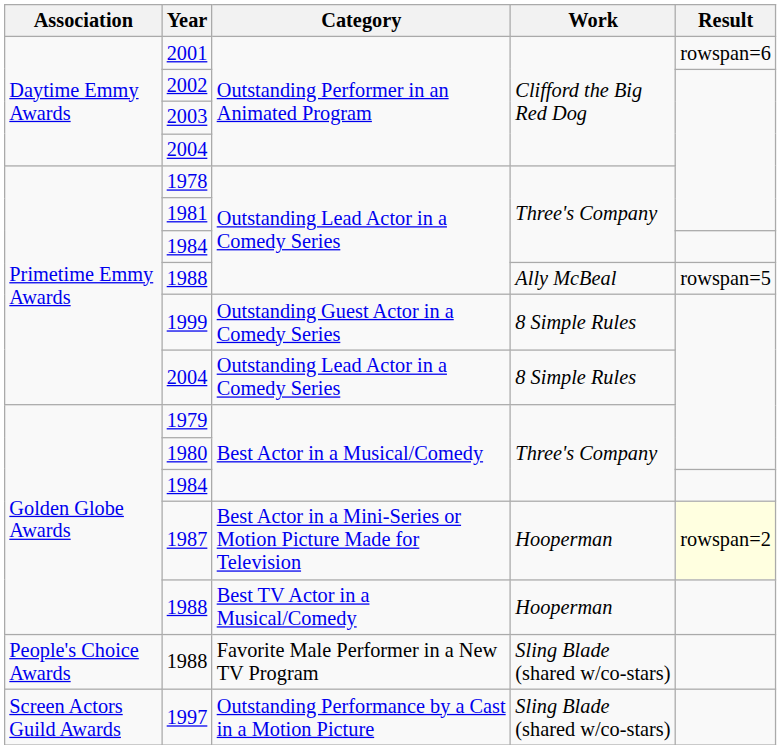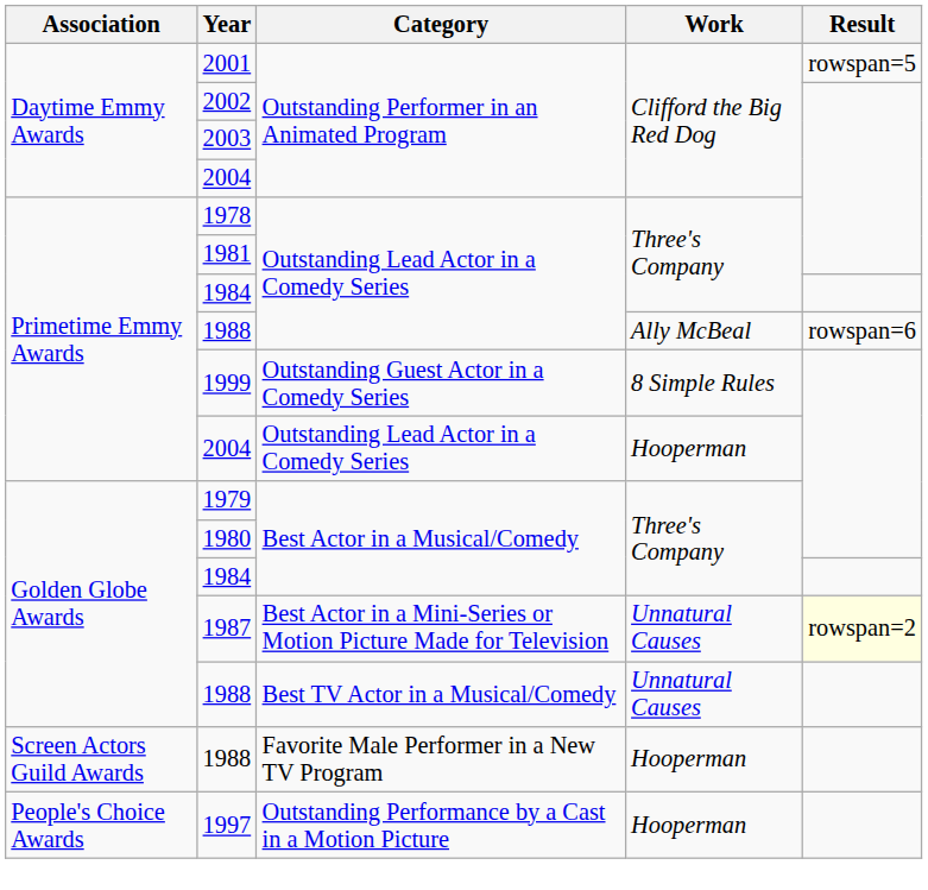 <table class="wikitable sortable">
 <tr>
 <th>Association</th>
 <th>Year</th>
 <th>Category</th>
 <th>Work</th>
 <th>Result</th>
 </tr>
 <tr>
 <td rowspan=4><a href='#'>Daytime Emmy Awards</a></td>
 <td align="center"><a href='#'>2001</a></td>
 <td rowspan=4><a href='#'>Outstanding Performer in an Animated Program</a></td>
 <td rowspan=4><em>Clifford the Big Red Dog</em></td>
-<td>rowspan=6 </td>
+<td>rowspan=5 </td>
 </tr>
 <tr>
 <td align="center"><a href='#'>2002</a></td>
 </tr>
 <tr>
 <td align="center"><a href='#'>2003</a></td>
 </tr>
 <tr>
 <td align="center"><a href='#'>2004</a></td>
 </tr>
 <tr>
 <td rowspan=6><a href='#'>Primetime Emmy Awards</a></td>
 <td align="center"><a href='#'>1978</a></td>
 <td rowspan=4><a href='#'>Outstanding Lead Actor in a Comedy Series</a></td>
 <td rowspan=3><em>Three's Company</em></td>
 </tr>
 <tr>
 <td align="center"><a href='#'>1981</a></td>
 </tr>
 <tr>
 <td align="center"><a href='#'>1984</a></td>
 <td></td>
 </tr>
 <tr>
 <td align="center"><a href='#'>1988</a></td>
 <td><em>Ally McBeal</em></td>
-<td>rowspan=5 </td>
+<td>rowspan=6 </td>
 </tr>
 <tr>
 <td align="center"><a href='#'>1999</a></td>
 <td><a href='#'>Outstanding Guest Actor in a Comedy Series</a></td>
 <td><em>8 Simple Rules</em></td>
 </tr>
 <tr>
 <td align="center"><a href='#'>2004</a></td>
 <td><a href='#'>Outstanding Lead Actor in a Comedy Series</a></td>
-<td><em>8 Simple Rules</em></td>
+<td><em>Hooperman</em></td>
 </tr>
 <tr>
 <td rowspan=5><a href='#'>Golden Globe Awards</a></td>
 <td align="center"><a href='#'>1979</a></td>
 <td rowspan=3><a href='#'>Best Actor in a Musical/Comedy</a></td>
 <td rowspan=3><em>Three's Company</em></td>
 </tr>
 <tr>
 <td align="center"><a href='#'>1980</a></td>
 </tr>
 <tr>
 <td align="center"><a href='#'>1984</a></td>
 <td></td>
 </tr>
 <tr>
 <td align="center"><a href='#'>1987</a></td>
 <td><a href='#'>Best Actor in a Mini-Series or Motion Picture Made for Television</a></td>
-<td><em>Hooperman</em></td>
+<td><em><a href='#'>Unnatural Causes</a></em></td>
 <td style="background: lightyellow;">rowspan=2 </td>
 </tr>
 <tr>
 <td align="center"><a href='#'>1988</a></td>
 <td><a href='#'>Best TV Actor in a Musical/Comedy</a></td>
+<td><em><a href='#'>Unnatural Causes</a></em></td>
+</tr>
+<tr>
+<td><a href='#'>Screen Actors Guild Awards</a></td>
+<td align="center">1988</td>
+<td>Favorite Male Performer in a New TV Program</td>
 <td><em>Hooperman</em></td>
+<td></td>
 </tr>
 <tr>
 <td><a href='#'>People's Choice Awards</a></td>
-<td align="center">1988</td>
-<td>Favorite Male Performer in a New TV Program</td>
-<td><em>Sling Blade</em> (shared w/co-stars)</td>
-<td></td>
-</tr>
-<tr>
-<td><a href='#'>Screen Actors Guild Awards</a></td>
 <td align="center"><a href='#'>1997</a></td>
 <td><a href='#'>Outstanding Performance by a Cast in a Motion Picture</a></td>
-<td><em>Sling Blade</em> (shared w/co-stars)</td>
+<td><em>Hooperman</em></td>
 <td></td>
 </tr>
 </table>
